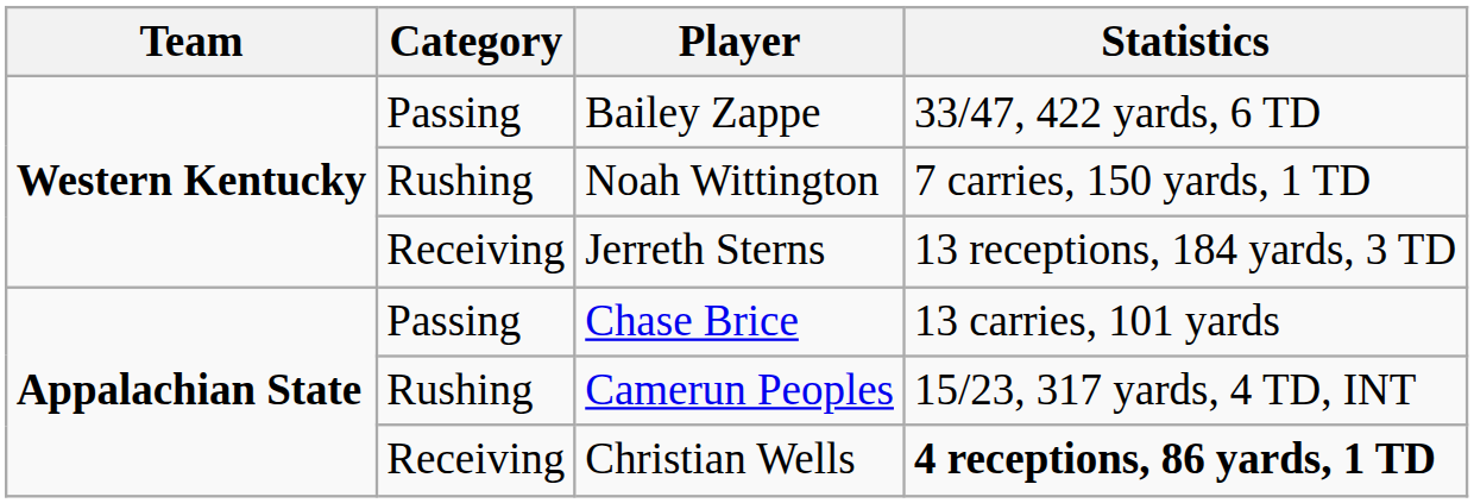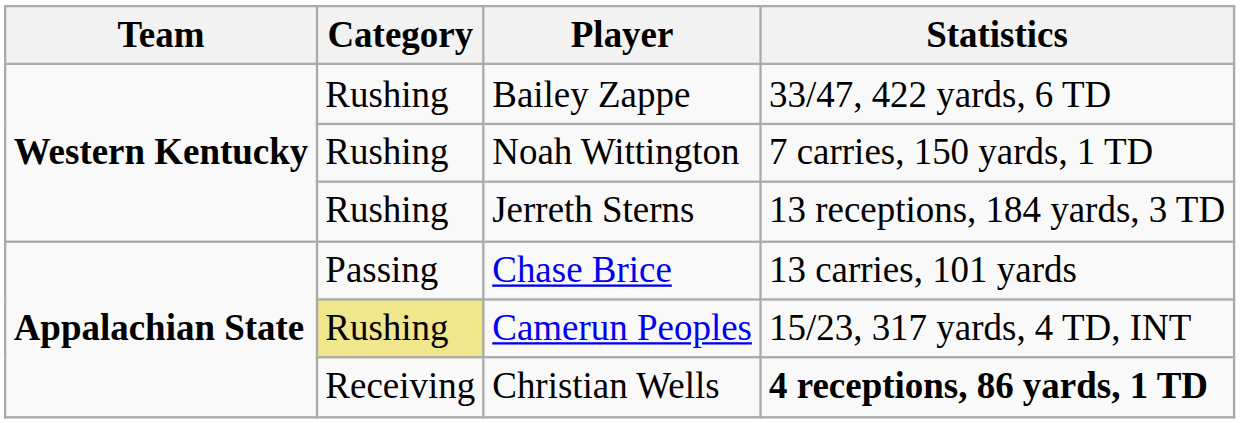 <table class="wikitable" style="float: left;">
 <tr>
 <th>Team</th>
 <th>Category</th>
 <th>Player</th>
 <th>Statistics</th>
 </tr>
 <tr>
 <td rowspan=3><strong>Western Kentucky</strong></td>
-<td>Passing</td>
+<td>Rushing</td>
 <td>Bailey Zappe</td>
 <td>33/47, 422 yards, 6 TD</td>
 </tr>
 <tr>
 <td>Rushing</td>
 <td>Noah Wittington</td>
 <td>7 carries, 150 yards, 1 TD</td>
 </tr>
 <tr>
-<td>Receiving</td>
+<td>Rushing</td>
 <td>Jerreth Sterns</td>
 <td>13 receptions, 184 yards, 3 TD</td>
 </tr>
 <tr>
 <td rowspan=3><strong>Appalachian State</strong></td>
 <td>Passing</td>
 <td><a href='#'>Chase Brice</a></td>
 <td>13 carries, 101 yards</td>
 </tr>
 <tr>
-<td>Rushing</td>
+<td style="background: khaki;">Rushing</td>
 <td><a href='#'>Camerun Peoples</a></td>
 <td>15/23, 317 yards, 4 TD, INT</td>
 </tr>
 <tr>
 <td>Receiving</td>
 <td>Christian Wells</td>
 <td><strong>4 receptions, 86 yards, 1 TD</strong></td>
 </tr>
 </table>
